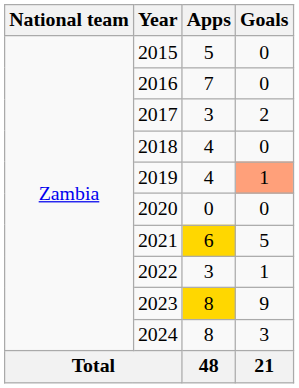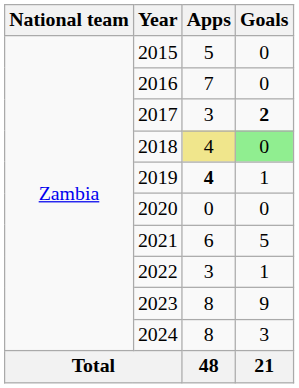 <table class="wikitable" style="text-align:center">
 <tr>
 <th>National team</th>
 <th>Year</th>
 <th>Apps</th>
 <th>Goals</th>
 </tr>
 <tr>
 <td rowspan="10"><a href='#'>Zambia</a></td>
 <td>2015</td>
 <td>5</td>
 <td>0</td>
 </tr>
 <tr>
 <td>2016</td>
 <td>7</td>
 <td>0</td>
 </tr>
 <tr>
 <td>2017</td>
 <td>3</td>
-<td>2</td>
+<td><strong>2</strong></td>
 </tr>
 <tr>
 <td>2018</td>
-<td>4</td>
-<td>0</td>
+<td style="background: khaki;">4</td>
+<td style="background: lightgreen;">0</td>
 </tr>
 <tr>
 <td>2019</td>
-<td>4</td>
-<td style="background: lightsalmon;">1</td>
+<td><strong>4</strong></td>
+<td>1</td>
 </tr>
 <tr>
 <td>2020</td>
 <td>0</td>
 <td>0</td>
 </tr>
 <tr>
 <td>2021</td>
-<td style="background: gold;">6</td>
+<td>6</td>
 <td>5</td>
 </tr>
 <tr>
 <td>2022</td>
 <td>3</td>
 <td>1</td>
 </tr>
 <tr>
 <td>2023</td>
-<td style="background: gold;">8</td>
+<td>8</td>
 <td>9</td>
 </tr>
 <tr>
 <td>2024</td>
 <td>8</td>
 <td>3</td>
 </tr>
 <tr>
 <th colspan="2">Total</th>
 <th>48</th>
 <th>21</th>
 </tr>
 </table>
